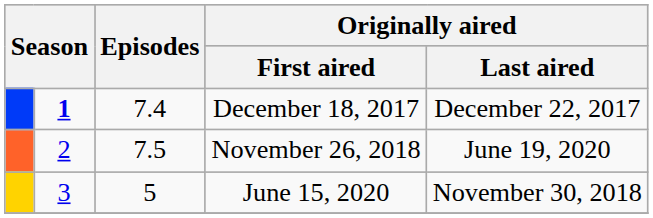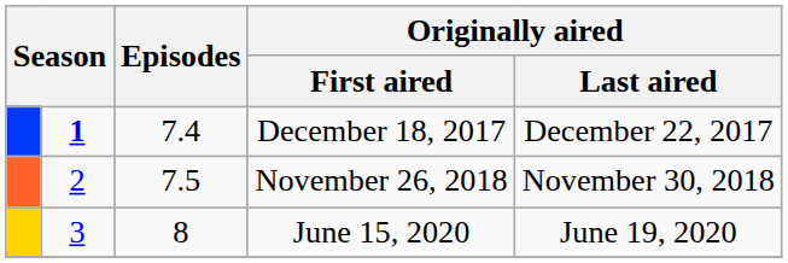 <table class="wikitable" style="text-align:center;">
 <tr>
 <th colspan="2" rowspan="2">Season</th>
 <th rowspan="2">Episodes</th>
 <th colspan="2">Originally aired</th>
 </tr>
 <tr>
 <th>First aired</th>
 <th>Last aired</th>
 </tr>
 <tr>
 <td style="background:#003AF8"></td>
 <td><strong><a href='#'>1</a></strong></td>
 <td>7.4</td>
 <td>December 18, 2017</td>
 <td>December 22, 2017</td>
 </tr>
 <tr>
 <td style="background:#FF6229"></td>
 <td><a href='#'>2</a></td>
 <td>7.5</td>
 <td>November 26, 2018</td>
-<td>June 19, 2020</td>
+<td>November 30, 2018</td>
 </tr>
 <tr>
 <td style="background:#FFD300"></td>
 <td><a href='#'>3</a></td>
-<td>5</td>
+<td>8</td>
 <td>June 15, 2020</td>
-<td>November 30, 2018</td>
+<td>June 19, 2020</td>
 </tr>
 <tr>
 </tr>
 </table>
